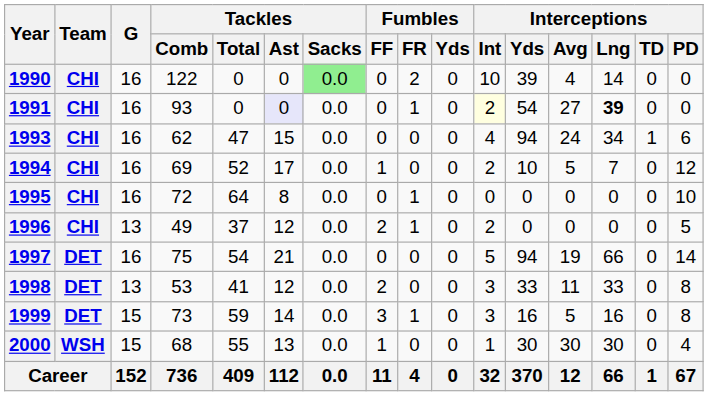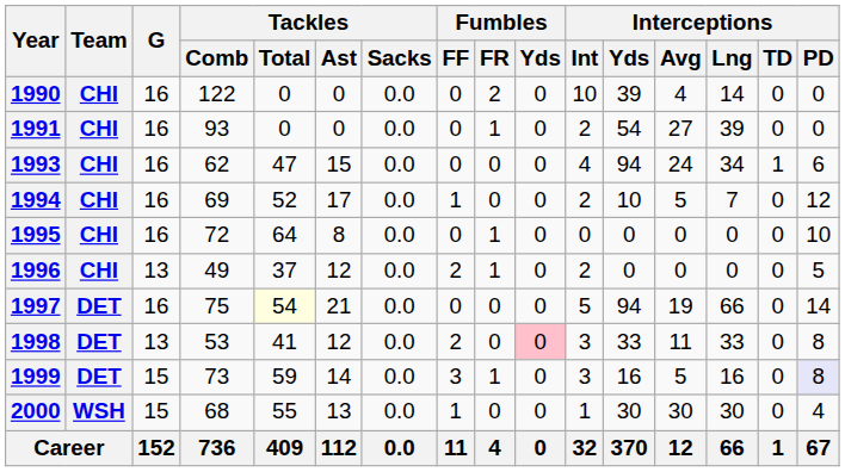 <table class="wikitable" style="text-align: center;">
 <tr>
 <th rowspan="2">Year</th>
 <th rowspan="2">Team</th>
 <th rowspan="2">G</th>
 <th colspan="4">Tackles</th>
 <th colspan="3">Fumbles</th>
 <th colspan="6">Interceptions</th>
 </tr>
 <tr>
 <th>Comb</th>
 <th>Total</th>
 <th>Ast</th>
 <th>Sacks</th>
 <th>FF</th>
 <th>FR</th>
 <th>Yds</th>
 <th>Int</th>
 <th>Yds</th>
 <th>Avg</th>
 <th>Lng</th>
 <th>TD</th>
 <th>PD</th>
 </tr>
 <tr>
 <th><a href='#'>1990</a></th>
 <th><a href='#'>CHI</a></th>
 <td>16</td>
 <td>122</td>
 <td>0</td>
 <td>0</td>
-<td style="background: lightgreen;">0.0</td>
+<td>0.0</td>
 <td>0</td>
 <td>2</td>
 <td>0</td>
 <td>10</td>
 <td>39</td>
 <td>4</td>
 <td>14</td>
 <td>0</td>
 <td>0</td>
 </tr>
 <tr>
 <th><a href='#'>1991</a></th>
 <th><a href='#'>CHI</a></th>
 <td>16</td>
 <td>93</td>
 <td>0</td>
-<td style="background: lavender;">0</td>
+<td>0</td>
 <td>0.0</td>
 <td>0</td>
 <td>1</td>
 <td>0</td>
-<td style="background: lightyellow;">2</td>
+<td>2</td>
 <td>54</td>
 <td>27</td>
-<td><strong>39</strong></td>
+<td>39</td>
 <td>0</td>
 <td>0</td>
 </tr>
 <tr>
 <th><a href='#'>1993</a></th>
 <th><a href='#'>CHI</a></th>
 <td>16</td>
 <td>62</td>
 <td>47</td>
 <td>15</td>
 <td>0.0</td>
 <td>0</td>
 <td>0</td>
 <td>0</td>
 <td>4</td>
 <td>94</td>
 <td>24</td>
 <td>34</td>
 <td>1</td>
 <td>6</td>
 </tr>
 <tr>
 <th><a href='#'>1994</a></th>
 <th><a href='#'>CHI</a></th>
 <td>16</td>
 <td>69</td>
 <td>52</td>
 <td>17</td>
 <td>0.0</td>
 <td>1</td>
 <td>0</td>
 <td>0</td>
 <td>2</td>
 <td>10</td>
 <td>5</td>
 <td>7</td>
 <td>0</td>
 <td>12</td>
 </tr>
 <tr>
 <th><a href='#'>1995</a></th>
 <th><a href='#'>CHI</a></th>
 <td>16</td>
 <td>72</td>
 <td>64</td>
 <td>8</td>
 <td>0.0</td>
 <td>0</td>
 <td>1</td>
 <td>0</td>
 <td>0</td>
 <td>0</td>
 <td>0</td>
 <td>0</td>
 <td>0</td>
 <td>10</td>
 </tr>
 <tr>
 <th><a href='#'>1996</a></th>
 <th><a href='#'>CHI</a></th>
 <td>13</td>
 <td>49</td>
 <td>37</td>
 <td>12</td>
 <td>0.0</td>
 <td>2</td>
 <td>1</td>
 <td>0</td>
 <td>2</td>
 <td>0</td>
 <td>0</td>
 <td>0</td>
 <td>0</td>
 <td>5</td>
 </tr>
 <tr>
 <th><a href='#'>1997</a></th>
 <th><a href='#'>DET</a></th>
 <td>16</td>
 <td>75</td>
-<td>54</td>
+<td style="background: lightyellow;">54</td>
 <td>21</td>
 <td>0.0</td>
 <td>0</td>
 <td>0</td>
 <td>0</td>
 <td>5</td>
 <td>94</td>
 <td>19</td>
 <td>66</td>
 <td>0</td>
 <td>14</td>
 </tr>
 <tr>
 <th><a href='#'>1998</a></th>
 <th><a href='#'>DET</a></th>
 <td>13</td>
 <td>53</td>
 <td>41</td>
 <td>12</td>
 <td>0.0</td>
 <td>2</td>
 <td>0</td>
-<td>0</td>
+<td style="background: pink;">0</td>
 <td>3</td>
 <td>33</td>
 <td>11</td>
 <td>33</td>
 <td>0</td>
 <td>8</td>
 </tr>
 <tr>
 <th><a href='#'>1999</a></th>
 <th><a href='#'>DET</a></th>
 <td>15</td>
 <td>73</td>
 <td>59</td>
 <td>14</td>
 <td>0.0</td>
 <td>3</td>
 <td>1</td>
 <td>0</td>
 <td>3</td>
 <td>16</td>
 <td>5</td>
 <td>16</td>
 <td>0</td>
-<td>8</td>
+<td style="background: lavender;">8</td>
 </tr>
 <tr>
 <th><a href='#'>2000</a></th>
 <th><a href='#'>WSH</a></th>
 <td>15</td>
 <td>68</td>
 <td>55</td>
 <td>13</td>
 <td>0.0</td>
 <td>1</td>
 <td>0</td>
 <td>0</td>
 <td>1</td>
 <td>30</td>
 <td>30</td>
 <td>30</td>
 <td>0</td>
 <td>4</td>
 </tr>
 <tr>
 <th colspan="2">Career</th>
 <th>152</th>
 <th>736</th>
 <th>409</th>
 <th>112</th>
 <th>0.0</th>
 <th>11</th>
 <th>4</th>
 <th>0</th>
 <th>32</th>
 <th>370</th>
 <th>12</th>
 <th>66</th>
 <th>1</th>
 <th>67</th>
 </tr>
 </table>
